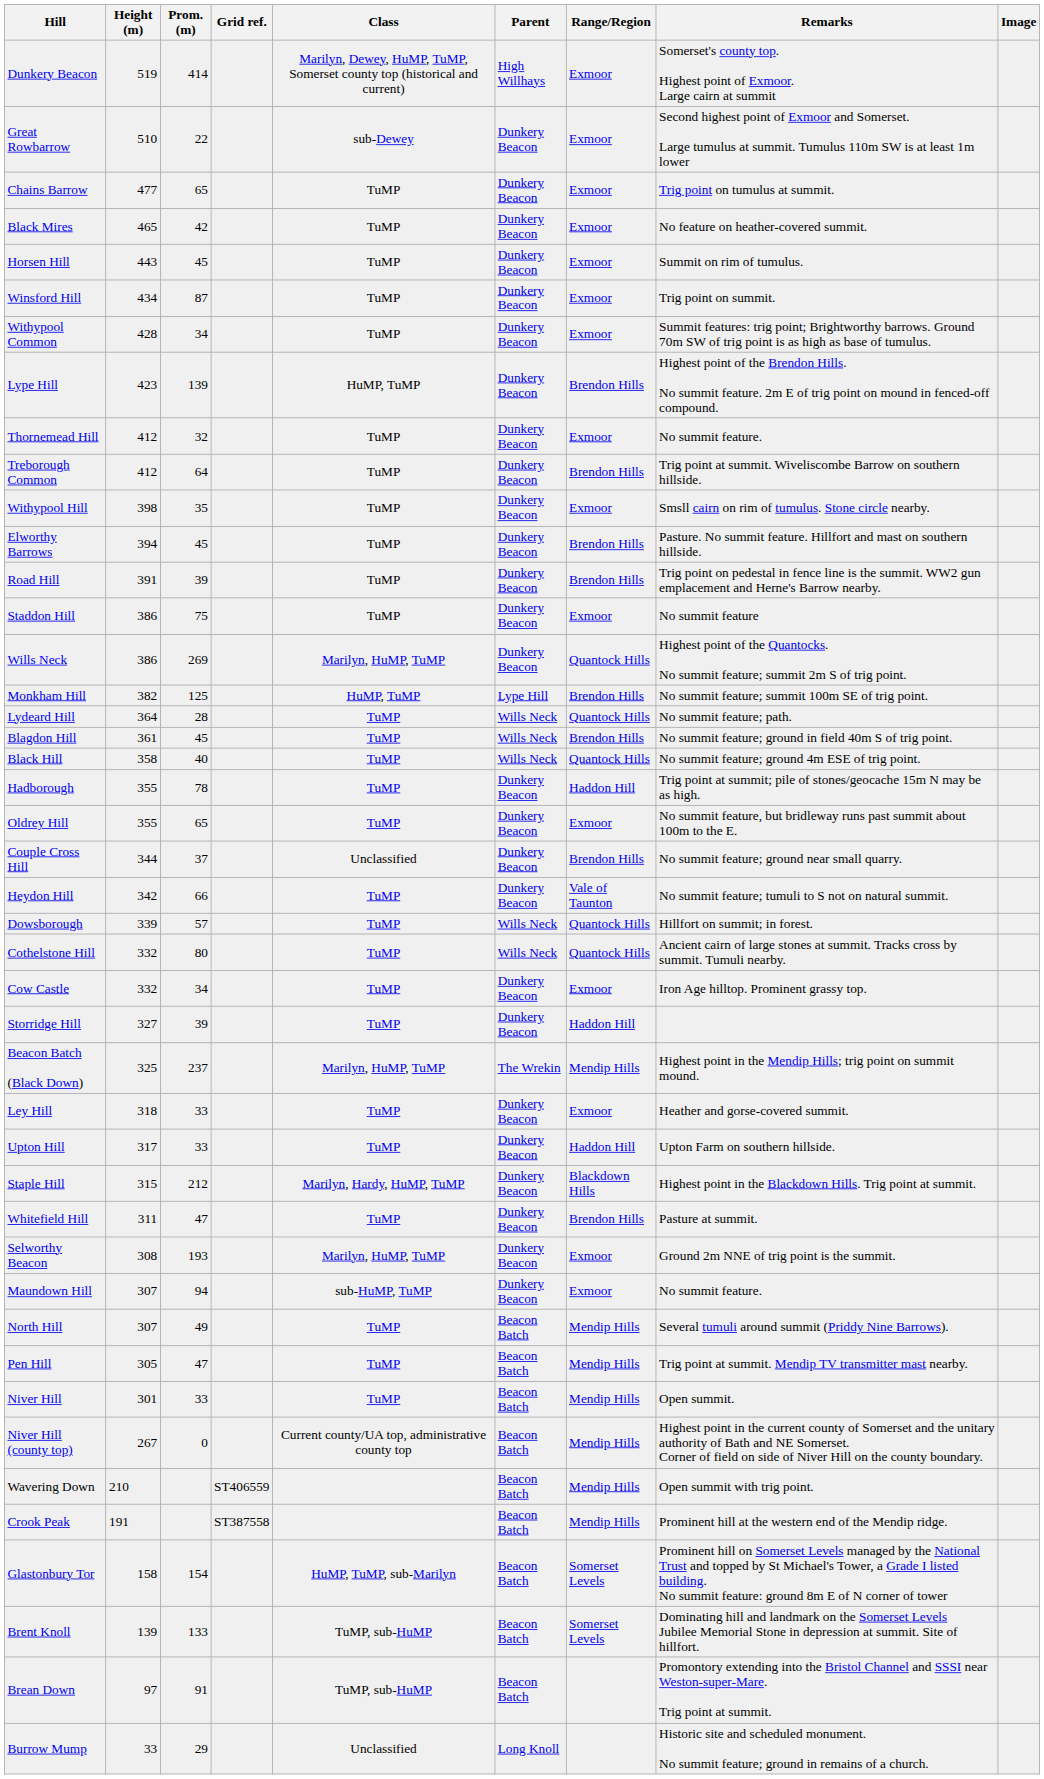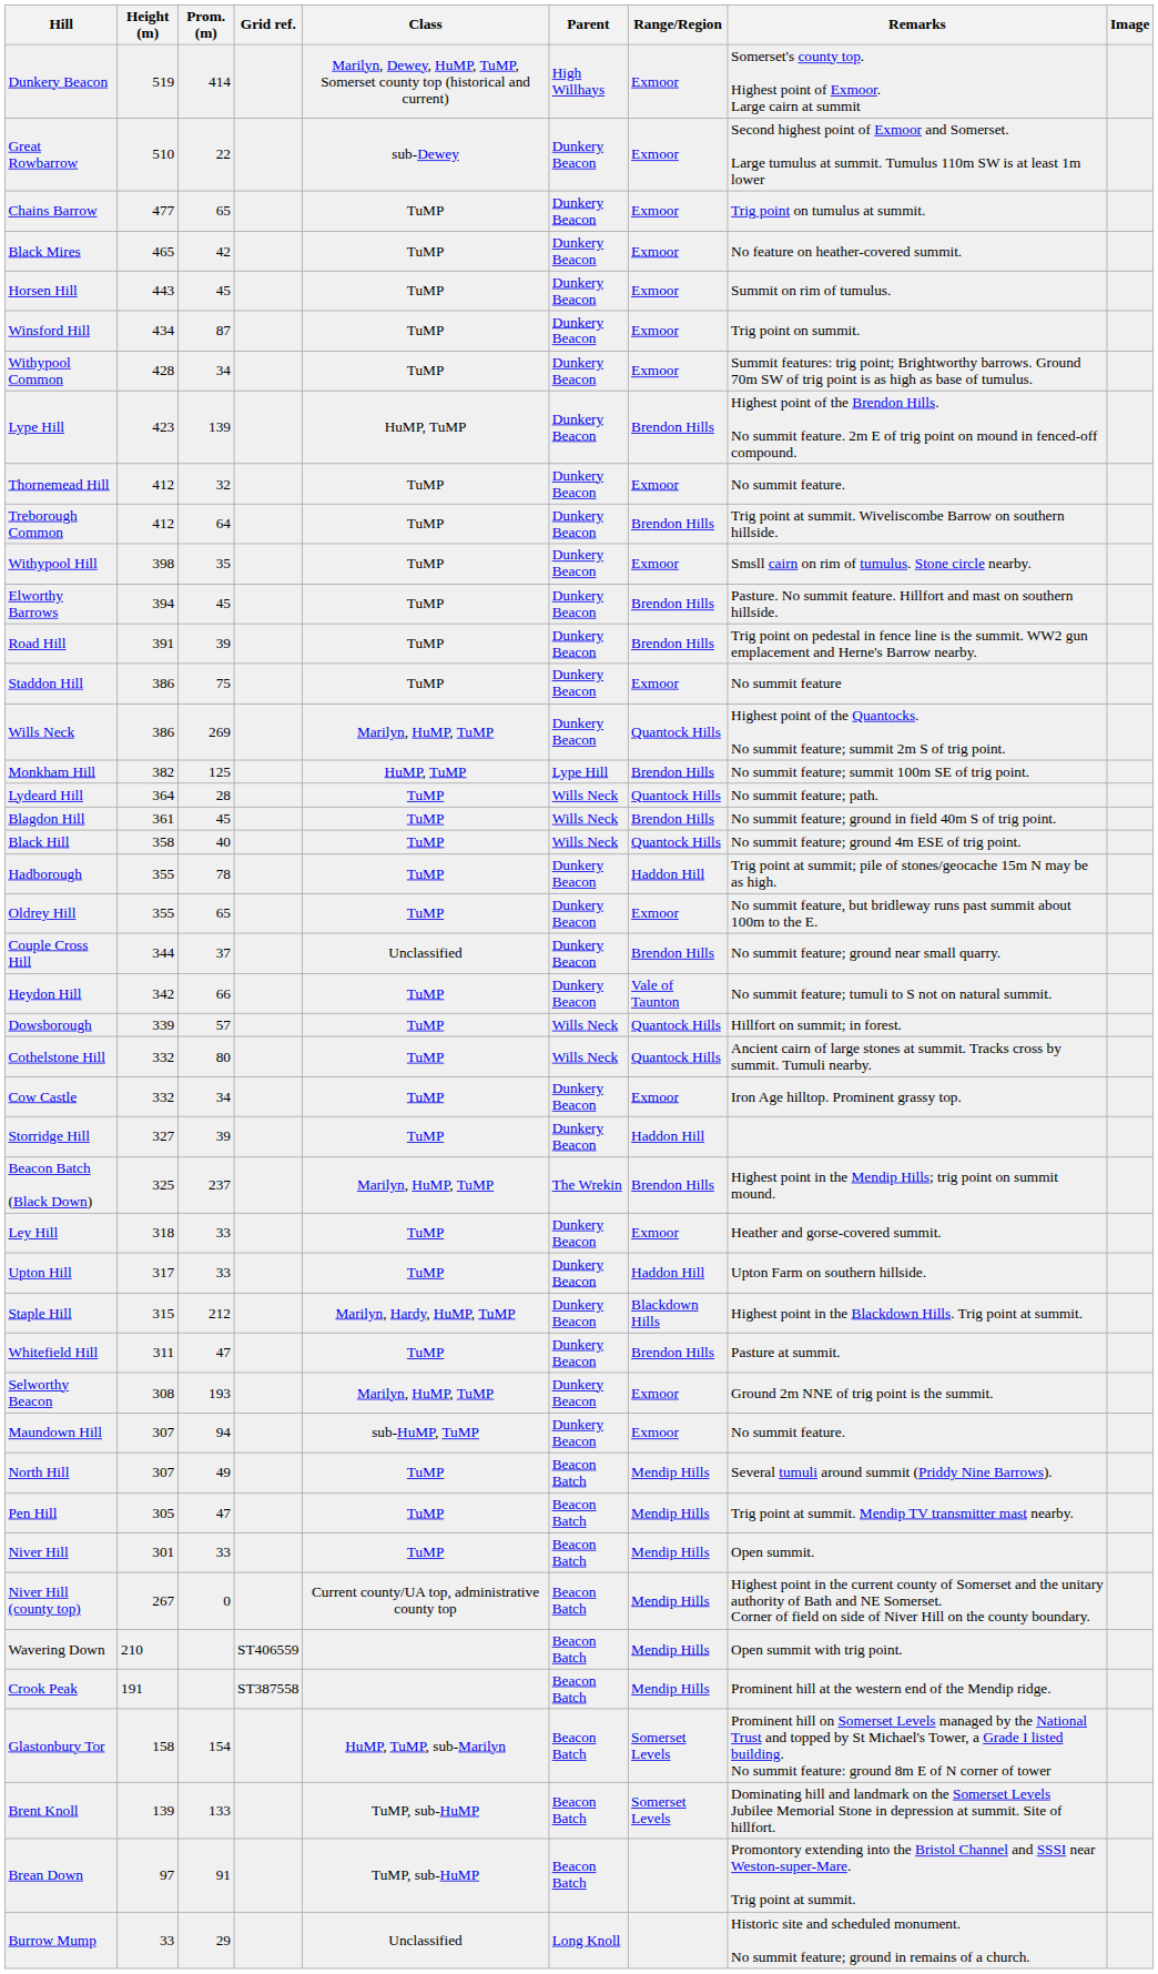 <table class="wikitable sortable" style="border-collapse: collapse; background:#f0f0f0">
 <tr>
 <th>Hill</th>
 <th>Height (m)</th>
 <th>Prom. (m)</th>
 <th>Grid ref.</th>
 <th>Class</th>
 <th>Parent</th>
 <th>Range/Region</th>
 <th class="unsortable">Remarks</th>
 <th class="unsortable">Image</th>
 </tr>
 <tr>
 <td><a href='#'>Dunkery Beacon</a></td>
 <td align=right>519</td>
 <td align=right>414</td>
 <td></td>
 <td align=center><a href='#'>Marilyn</a>, <a href='#'>Dewey</a>, <a href='#'>HuMP</a>, <a href='#'>TuMP</a>, Somerset county top (historical and current)</td>
 <td><a href='#'>High Willhays</a></td>
 <td><a href='#'>Exmoor</a></td>
 <td>Somerset's <a href='#'>county top</a>.<br><br>Highest point of <a href='#'>Exmoor</a>.<br> Large cairn at summit</td>
 <td></td>
 </tr>
 <tr>
 <td><a href='#'>Great Rowbarrow</a></td>
 <td align=right>510</td>
 <td align=right>22</td>
 <td></td>
 <td align=center>sub-<a href='#'>Dewey</a></td>
 <td><a href='#'>Dunkery Beacon</a></td>
 <td><a href='#'>Exmoor</a></td>
 <td>Second highest point of <a href='#'>Exmoor</a> and Somerset.<br><br>Large tumulus at summit. Tumulus 110m SW is at least 1m lower</td>
 <td></td>
 </tr>
 <tr>
 <td><a href='#'>Chains Barrow</a></td>
 <td align=right>477</td>
 <td align=right>65</td>
 <td></td>
 <td align=center>TuMP</td>
 <td><a href='#'>Dunkery Beacon</a></td>
 <td><a href='#'>Exmoor</a></td>
 <td><a href='#'>Trig point</a> on tumulus at summit.</td>
 <td></td>
 </tr>
 <tr>
 <td><a href='#'>Black Mires</a></td>
 <td align=right>465</td>
 <td align=right>42</td>
 <td></td>
 <td align=center>TuMP</td>
 <td><a href='#'>Dunkery Beacon</a></td>
 <td><a href='#'>Exmoor</a></td>
 <td>No feature on heather-covered summit.</td>
 <td></td>
 </tr>
 <tr>
 <td><a href='#'>Horsen Hill</a></td>
 <td align=right>443</td>
 <td align=right>45</td>
 <td></td>
 <td align=center>TuMP</td>
 <td><a href='#'>Dunkery Beacon</a></td>
 <td><a href='#'>Exmoor</a></td>
 <td>Summit on rim of tumulus.</td>
 <td></td>
 </tr>
 <tr>
 <td><a href='#'>Winsford Hill</a></td>
 <td align=right>434</td>
 <td align=right>87</td>
 <td></td>
 <td align=center>TuMP</td>
 <td><a href='#'>Dunkery Beacon</a></td>
 <td><a href='#'>Exmoor</a></td>
 <td>Trig point on summit.</td>
 <td></td>
 </tr>
 <tr>
 <td><a href='#'>Withypool Common</a></td>
 <td align=right>428</td>
 <td align=right>34</td>
 <td></td>
 <td align=center>TuMP</td>
 <td><a href='#'>Dunkery Beacon</a></td>
 <td><a href='#'>Exmoor</a></td>
 <td>Summit features: trig point; Brightworthy barrows. Ground 70m SW of trig point is as high as base of tumulus.</td>
 <td></td>
 </tr>
 <tr>
 <td><a href='#'>Lype Hill</a></td>
 <td align=right>423</td>
 <td align=right>139</td>
 <td></td>
 <td align=center>HuMP, TuMP</td>
 <td><a href='#'>Dunkery Beacon</a></td>
 <td><a href='#'>Brendon Hills</a></td>
 <td>Highest point of the <a href='#'>Brendon Hills</a>.<br><br>No summit feature. 2m E of trig point on mound in fenced-off compound.</td>
 <td></td>
 </tr>
 <tr>
 <td><a href='#'>Thornemead Hill</a></td>
 <td align=right>412</td>
 <td align=right>32</td>
 <td></td>
 <td align=center>TuMP</td>
 <td><a href='#'>Dunkery Beacon</a></td>
 <td><a href='#'>Exmoor</a></td>
 <td>No summit feature.</td>
 <td></td>
 </tr>
 <tr>
 <td><a href='#'>Treborough Common</a></td>
 <td align=right>412</td>
 <td align=right>64</td>
 <td></td>
 <td align=center>TuMP</td>
 <td><a href='#'>Dunkery Beacon</a></td>
 <td><a href='#'>Brendon Hills</a></td>
 <td>Trig point at summit. Wiveliscombe Barrow on southern hillside.</td>
 <td></td>
 </tr>
 <tr>
 <td><a href='#'>Withypool Hill</a></td>
 <td align=right>398</td>
 <td align=right>35</td>
 <td></td>
 <td align=center>TuMP</td>
 <td><a href='#'>Dunkery Beacon</a></td>
 <td><a href='#'>Exmoor</a></td>
 <td>Smsll <a href='#'>cairn</a> on rim of <a href='#'>tumulus</a>. <a href='#'>Stone circle</a> nearby.</td>
 <td></td>
 </tr>
 <tr>
 <td><a href='#'>Elworthy Barrows</a></td>
 <td align=right>394</td>
 <td align=right>45</td>
 <td></td>
 <td align=center>TuMP</td>
 <td><a href='#'>Dunkery Beacon</a></td>
 <td><a href='#'>Brendon Hills</a></td>
 <td>Pasture. No summit feature. Hillfort and mast on southern hillside.</td>
 <td></td>
 </tr>
 <tr>
 <td><a href='#'>Road Hill</a></td>
 <td align=right>391</td>
 <td align=right>39</td>
 <td></td>
 <td align=center>TuMP</td>
 <td><a href='#'>Dunkery Beacon</a></td>
 <td><a href='#'>Brendon Hills</a></td>
 <td>Trig point on pedestal in fence line is the summit. WW2 gun emplacement and Herne's Barrow nearby.</td>
 <td></td>
 </tr>
 <tr>
 <td><a href='#'>Staddon Hill</a></td>
 <td align=right>386</td>
 <td align=right>75</td>
 <td></td>
 <td align=center>TuMP</td>
 <td><a href='#'>Dunkery Beacon</a></td>
 <td><a href='#'>Exmoor</a></td>
 <td>No summit feature</td>
 <td></td>
 </tr>
 <tr>
 <td><a href='#'>Wills Neck</a></td>
 <td align=right>386</td>
 <td align=right>269</td>
 <td></td>
 <td align=center><a href='#'>Marilyn</a>, <a href='#'>HuMP</a>, <a href='#'>TuMP</a></td>
 <td><a href='#'>Dunkery Beacon</a></td>
 <td><a href='#'>Quantock Hills</a></td>
 <td>Highest point of the <a href='#'>Quantocks</a>.<br><br>No summit feature; summit 2m S of trig point.</td>
 <td></td>
 </tr>
 <tr>
 <td><a href='#'>Monkham Hill</a></td>
 <td align=right>382</td>
 <td align=right>125</td>
 <td></td>
 <td align=center><a href='#'>HuMP</a>, <a href='#'>TuMP</a></td>
 <td><a href='#'>Lype Hill</a></td>
 <td><a href='#'>Brendon Hills</a></td>
 <td>No summit feature; summit 100m SE of trig point.</td>
 <td></td>
 </tr>
 <tr>
 <td><a href='#'>Lydeard Hill</a></td>
 <td align=right>364</td>
 <td align=right>28</td>
 <td></td>
 <td align=center><a href='#'>TuMP</a></td>
 <td><a href='#'>Wills Neck</a></td>
 <td><a href='#'>Quantock Hills</a></td>
 <td>No summit feature; path.</td>
 <td></td>
 </tr>
 <tr>
 <td><a href='#'>Blagdon Hill</a></td>
 <td align=right>361</td>
 <td align=right>45</td>
 <td></td>
 <td align=center><a href='#'>TuMP</a></td>
 <td><a href='#'>Wills Neck</a></td>
 <td><a href='#'>Brendon Hills</a></td>
 <td>No summit feature; ground in field 40m S of trig point.</td>
 <td></td>
 </tr>
 <tr>
 <td><a href='#'>Black Hill</a></td>
 <td align=right>358</td>
 <td align=right>40</td>
 <td></td>
 <td align=center><a href='#'>TuMP</a></td>
 <td><a href='#'>Wills Neck</a></td>
 <td><a href='#'>Quantock Hills</a></td>
 <td>No summit feature; ground 4m ESE of trig point.</td>
 <td></td>
 </tr>
 <tr>
 <td><a href='#'>Hadborough</a></td>
 <td align=right>355</td>
 <td align=right>78</td>
 <td></td>
 <td align=center><a href='#'>TuMP</a></td>
 <td><a href='#'>Dunkery Beacon</a></td>
 <td><a href='#'>Haddon Hill</a></td>
 <td>Trig point at summit; pile of stones/geocache 15m N may be as high.</td>
 <td></td>
 </tr>
 <tr>
 <td><a href='#'>Oldrey Hill</a></td>
 <td align=right>355</td>
 <td align=right>65</td>
 <td></td>
 <td align=center><a href='#'>TuMP</a></td>
 <td><a href='#'>Dunkery Beacon</a></td>
 <td><a href='#'>Exmoor</a></td>
 <td>No summit feature, but bridleway runs past summit about 100m to the E.</td>
 <td></td>
 </tr>
 <tr>
 <td><a href='#'>Couple Cross Hill</a></td>
 <td align=right>344</td>
 <td align=right>37</td>
 <td></td>
 <td align=center>Unclassified</td>
 <td><a href='#'>Dunkery Beacon</a></td>
 <td><a href='#'>Brendon Hills</a></td>
 <td>No summit feature; ground near small quarry.</td>
 <td></td>
 </tr>
 <tr>
 <td><a href='#'>Heydon Hill</a></td>
 <td align=right>342</td>
 <td align=right>66</td>
 <td></td>
 <td align=center><a href='#'>TuMP</a></td>
 <td><a href='#'>Dunkery Beacon</a></td>
 <td><a href='#'>Vale of Taunton</a></td>
 <td>No summit feature; tumuli to S not on natural summit.</td>
 <td></td>
 </tr>
 <tr>
 <td><a href='#'>Dowsborough</a></td>
 <td align=right>339</td>
 <td align=right>57</td>
 <td></td>
 <td align=center><a href='#'>TuMP</a></td>
 <td><a href='#'>Wills Neck</a></td>
 <td><a href='#'>Quantock Hills</a></td>
 <td>Hillfort on summit; in forest.</td>
 <td></td>
 </tr>
 <tr>
 <td><a href='#'>Cothelstone Hill</a></td>
 <td align=right>332</td>
 <td align=right>80</td>
 <td></td>
 <td align=center><a href='#'>TuMP</a></td>
 <td><a href='#'>Wills Neck</a></td>
 <td><a href='#'>Quantock Hills</a></td>
 <td>Ancient cairn of large stones at summit. Tracks cross by summit. Tumuli nearby.</td>
 <td></td>
 </tr>
 <tr>
 <td><a href='#'>Cow Castle</a></td>
 <td align=right>332</td>
 <td align=right>34</td>
 <td></td>
 <td align=center><a href='#'>TuMP</a></td>
 <td><a href='#'>Dunkery Beacon</a></td>
 <td><a href='#'>Exmoor</a></td>
 <td>Iron Age hilltop. Prominent grassy top.</td>
 <td></td>
 </tr>
 <tr>
 <td><a href='#'>Storridge Hill</a></td>
 <td align=right>327</td>
 <td align=right>39</td>
 <td></td>
 <td align=center><a href='#'>TuMP</a></td>
 <td><a href='#'>Dunkery Beacon</a></td>
 <td><a href='#'>Haddon Hill</a></td>
 <td></td>
 <td></td>
 </tr>
 <tr>
 <td><a href='#'>Beacon Batch</a><br><br>(<a href='#'>Black Down</a>)</td>
 <td align=right>325</td>
 <td align=right>237</td>
 <td></td>
 <td align=center><a href='#'>Marilyn</a>, <a href='#'>HuMP</a>, <a href='#'>TuMP</a></td>
 <td><a href='#'>The Wrekin</a></td>
-<td><a href='#'>Mendip Hills</a></td>
+<td><a href='#'>Brendon Hills</a></td>
 <td>Highest point in the <a href='#'>Mendip Hills</a>; trig point on summit mound.</td>
 <td></td>
 </tr>
 <tr>
 <td><a href='#'>Ley Hill</a></td>
 <td align=right>318</td>
 <td align=right>33</td>
 <td></td>
 <td align=center><a href='#'>TuMP</a></td>
 <td><a href='#'>Dunkery Beacon</a></td>
 <td><a href='#'>Exmoor</a></td>
 <td>Heather and gorse-covered summit.</td>
 <td></td>
 </tr>
 <tr>
 <td><a href='#'>Upton Hill</a></td>
 <td align=right>317</td>
 <td align=right>33</td>
 <td></td>
 <td align=center><a href='#'>TuMP</a></td>
 <td><a href='#'>Dunkery Beacon</a></td>
 <td><a href='#'>Haddon Hill</a></td>
 <td>Upton Farm on southern hillside.</td>
 <td></td>
 </tr>
 <tr>
 <td><a href='#'>Staple Hill</a></td>
 <td align=right>315</td>
 <td align=right>212</td>
 <td></td>
 <td align=center><a href='#'>Marilyn</a>, <a href='#'>Hardy</a>, <a href='#'>HuMP</a>, <a href='#'>TuMP</a></td>
 <td><a href='#'>Dunkery Beacon</a></td>
 <td><a href='#'>Blackdown Hills</a></td>
 <td>Highest point in the <a href='#'>Blackdown Hills</a>. Trig point at summit.</td>
 <td></td>
 </tr>
 <tr>
 <td><a href='#'>Whitefield Hill</a></td>
 <td align=right>311</td>
 <td align=right>47</td>
 <td></td>
 <td align=center><a href='#'>TuMP</a></td>
 <td><a href='#'>Dunkery Beacon</a></td>
 <td><a href='#'>Brendon Hills</a></td>
 <td>Pasture at summit.</td>
 <td></td>
 </tr>
 <tr>
 <td><a href='#'>Selworthy Beacon</a></td>
 <td align=right>308</td>
 <td align=right>193</td>
 <td></td>
 <td align=center><a href='#'>Marilyn</a>, <a href='#'>HuMP</a>, <a href='#'>TuMP</a></td>
 <td><a href='#'>Dunkery Beacon</a></td>
 <td><a href='#'>Exmoor</a></td>
 <td>Ground 2m NNE of trig point is the summit.</td>
 <td></td>
 </tr>
 <tr>
 <td><a href='#'>Maundown Hill</a></td>
 <td align=right>307</td>
 <td align=right>94</td>
 <td></td>
 <td align=center>sub-<a href='#'>HuMP</a>, <a href='#'>TuMP</a></td>
 <td><a href='#'>Dunkery Beacon</a></td>
 <td><a href='#'>Exmoor</a></td>
 <td>No summit feature.</td>
 <td></td>
 </tr>
 <tr>
 <td><a href='#'>North Hill</a></td>
 <td align=right>307</td>
 <td align=right>49</td>
 <td></td>
 <td align=center><a href='#'>TuMP</a></td>
 <td><a href='#'>Beacon Batch</a></td>
 <td><a href='#'>Mendip Hills</a></td>
 <td>Several <a href='#'>tumuli</a> around summit (<a href='#'>Priddy Nine Barrows</a>).</td>
 <td></td>
 </tr>
 <tr>
 <td><a href='#'>Pen Hill</a></td>
 <td align=right>305</td>
 <td align=right>47</td>
 <td></td>
 <td align=center><a href='#'>TuMP</a></td>
 <td><a href='#'>Beacon Batch</a></td>
 <td><a href='#'>Mendip Hills</a></td>
 <td>Trig point at summit. <a href='#'>Mendip TV transmitter mast</a> nearby.</td>
 <td></td>
 </tr>
 <tr>
 <td><a href='#'>Niver Hill</a></td>
 <td align=right>301</td>
 <td align=right>33</td>
 <td></td>
 <td align=center><a href='#'>TuMP</a></td>
 <td><a href='#'>Beacon Batch</a></td>
 <td><a href='#'>Mendip Hills</a></td>
 <td>Open summit.</td>
 <td></td>
 </tr>
 <tr>
 <td><a href='#'>Niver Hill (county top)</a></td>
 <td align=right>267</td>
 <td align=right>0</td>
 <td></td>
 <td align=center>Current county/UA top, administrative county top</td>
 <td><a href='#'>Beacon Batch</a></td>
 <td><a href='#'>Mendip Hills</a></td>
 <td>Highest point in the current county of Somerset and the unitary authority of Bath and NE Somerset.<br>Corner of field on side of Niver Hill on the county boundary.</td>
 <td></td>
 </tr>
 <tr>
 <td>Wavering Down</td>
 <td>210</td>
 <td></td>
 <td>ST406559</td>
 <td></td>
 <td><a href='#'>Beacon Batch</a></td>
 <td><a href='#'>Mendip Hills</a></td>
 <td>Open summit with trig point.</td>
 <td></td>
 </tr>
 <tr>
 <td><a href='#'>Crook Peak</a></td>
 <td>191</td>
 <td></td>
 <td>ST387558</td>
 <td></td>
 <td><a href='#'>Beacon Batch</a></td>
 <td><a href='#'>Mendip Hills</a></td>
 <td>Prominent hill at the western end of the Mendip ridge.</td>
 <td></td>
 </tr>
 <tr>
 <td><a href='#'>Glastonbury Tor</a></td>
 <td align=right>158</td>
 <td align=right>154</td>
 <td></td>
 <td align=center><a href='#'>HuMP</a>, <a href='#'>TuMP</a>, sub-<a href='#'>Marilyn</a></td>
 <td><a href='#'>Beacon Batch</a></td>
 <td><a href='#'>Somerset Levels</a></td>
 <td>Prominent hill on <a href='#'>Somerset Levels</a> managed by the <a href='#'>National Trust</a> and topped by St Michael's Tower, a <a href='#'>Grade I listed building</a>.<br>No summit feature: ground 8m E of N corner of tower</td>
 <td></td>
 </tr>
 <tr>
 <td><a href='#'>Brent Knoll</a></td>
 <td align=right>139</td>
 <td align=right>133</td>
 <td></td>
 <td align=center>TuMP, sub-<a href='#'>HuMP</a></td>
 <td><a href='#'>Beacon Batch</a></td>
 <td><a href='#'>Somerset Levels</a></td>
 <td>Dominating hill and landmark on the <a href='#'>Somerset Levels</a><br>Jubilee Memorial Stone in depression at summit. Site of hillfort.</td>
 <td></td>
 </tr>
 <tr>
 <td><a href='#'>Brean Down</a></td>
 <td align=right>97</td>
 <td align=right>91</td>
 <td></td>
 <td align=center>TuMP, sub-<a href='#'>HuMP</a></td>
 <td><a href='#'>Beacon Batch</a></td>
 <td></td>
 <td>Promontory extending into the <a href='#'>Bristol Channel</a> and <a href='#'>SSSI</a> near <a href='#'>Weston-super-Mare</a>.<br><br>Trig point at summit.</td>
 <td></td>
 </tr>
 <tr>
 <td><a href='#'>Burrow Mump</a></td>
 <td align=right>33</td>
 <td align=right>29</td>
 <td></td>
 <td align=center>Unclassified</td>
 <td><a href='#'>Long Knoll</a></td>
 <td></td>
 <td>Historic site and scheduled monument.<br><br>No summit feature; ground in remains of a church.</td>
 <td></td>
 </tr>
 </table>
